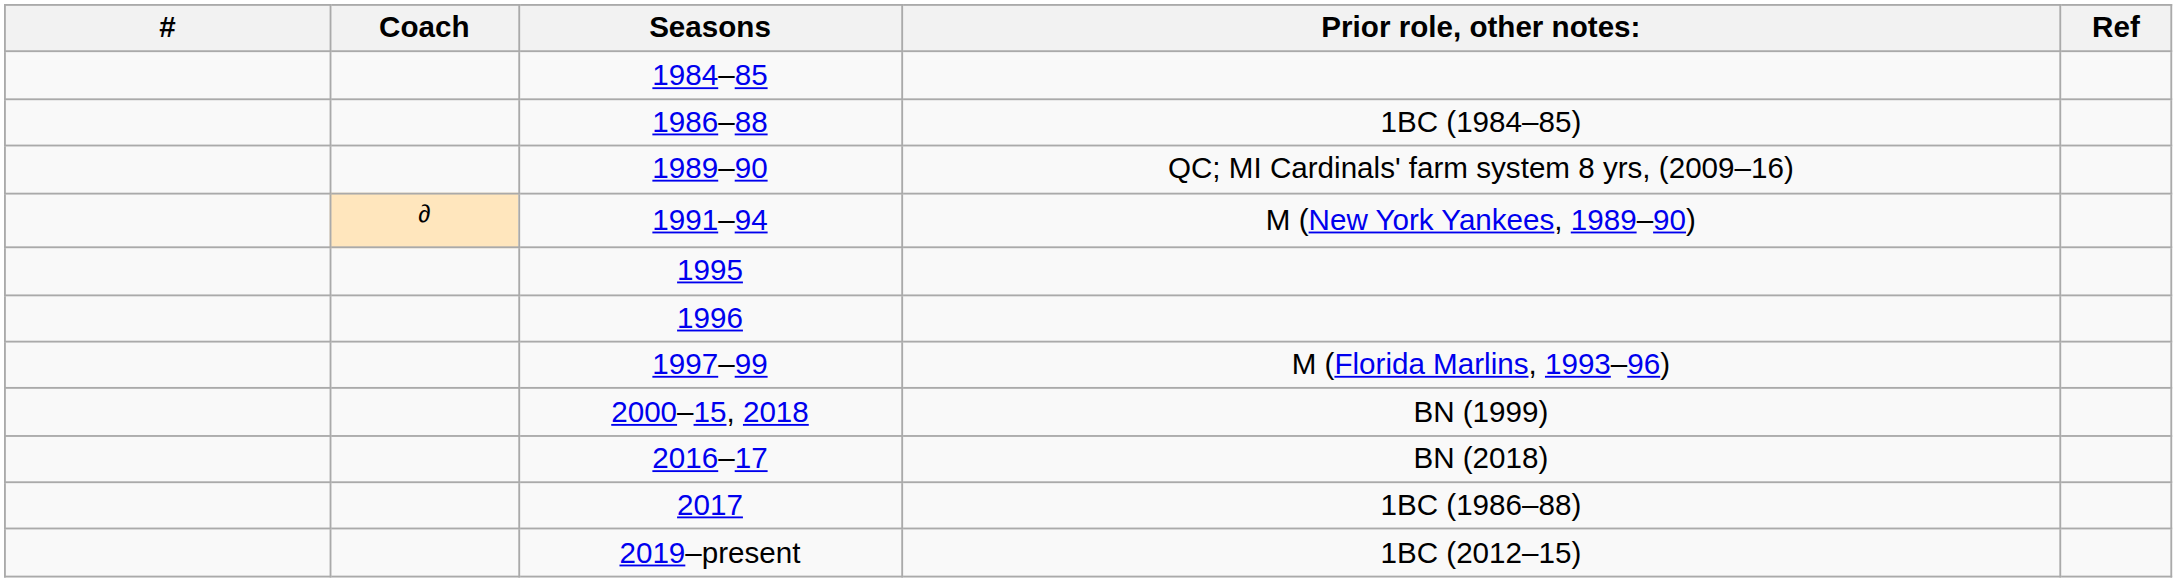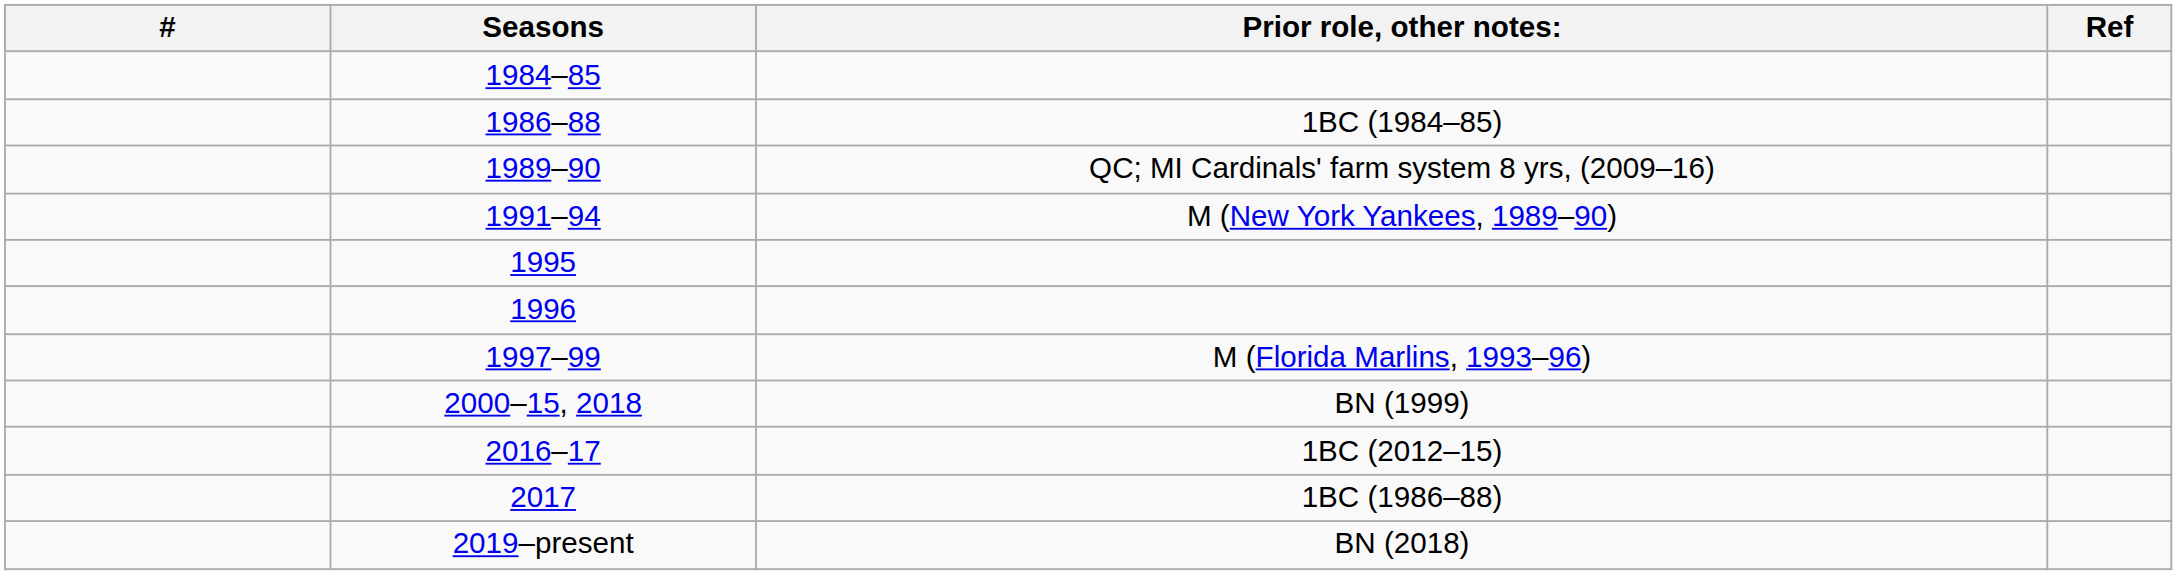 <table class="wikitable sortable" style="text-align:center; width:74%">
 <tr>
 <th width="15%">#</th>
-<th>Coach</th>
 <th>Seasons</th>
 <th class="unsortable">Prior role, other notes:</th>
 <th class="unsortable">Ref</th>
 </tr>
 <tr>
-<td></td>
 <td></td>
 <td><a href='#'>1984</a>–<a href='#'>85</a></td>
 <td></td>
 <td></td>
 </tr>
 <tr>
 <td></td>
-<td></td>
 <td><a href='#'>1986</a>–<a href='#'>88</a></td>
 <td>1BC (1984–85)</td>
 <td></td>
 </tr>
 <tr>
-<td></td>
 <td></td>
 <td><a href='#'>1989</a>–<a href='#'>90</a></td>
 <td>QC; MI Cardinals' farm system 8 yrs, (2009–16)</td>
 <td></td>
 </tr>
 <tr>
 <td></td>
-<td style="background-color:#ffe6bd"> <sup>∂</sup></td>
 <td><a href='#'>1991</a>–<a href='#'>94</a></td>
 <td>M (<a href='#'>New York Yankees</a>, <a href='#'>1989</a>–<a href='#'>90</a>)</td>
 <td></td>
 </tr>
 <tr>
-<td></td>
 <td></td>
 <td><a href='#'>1995</a></td>
 <td></td>
 <td></td>
 </tr>
 <tr>
 <td></td>
-<td></td>
 <td><a href='#'>1996</a></td>
 <td></td>
 <td></td>
 </tr>
 <tr>
-<td></td>
 <td></td>
 <td><a href='#'>1997</a>–<a href='#'>99</a></td>
 <td>M (<a href='#'>Florida Marlins</a>, <a href='#'>1993</a>–<a href='#'>96</a>)</td>
 <td></td>
 </tr>
 <tr>
 <td></td>
-<td></td>
 <td><a href='#'>2000</a>–<a href='#'>15</a>, <a href='#'>2018</a></td>
 <td>BN (1999)</td>
 <td></td>
 </tr>
 <tr>
 <td></td>
-<td></td>
 <td><a href='#'>2016</a>–<a href='#'>17</a></td>
-<td>BN (2018)</td>
+<td>1BC (2012–15)</td>
 <td></td>
 </tr>
 <tr>
-<td></td>
 <td></td>
 <td><a href='#'>2017</a></td>
 <td>1BC (1986–88)</td>
 <td></td>
 </tr>
 <tr>
 <td></td>
-<td></td>
 <td><a href='#'>2019</a>–present</td>
-<td>1BC (2012–15)</td>
+<td>BN (2018)</td>
 <td></td>
 </tr>
 </table>
